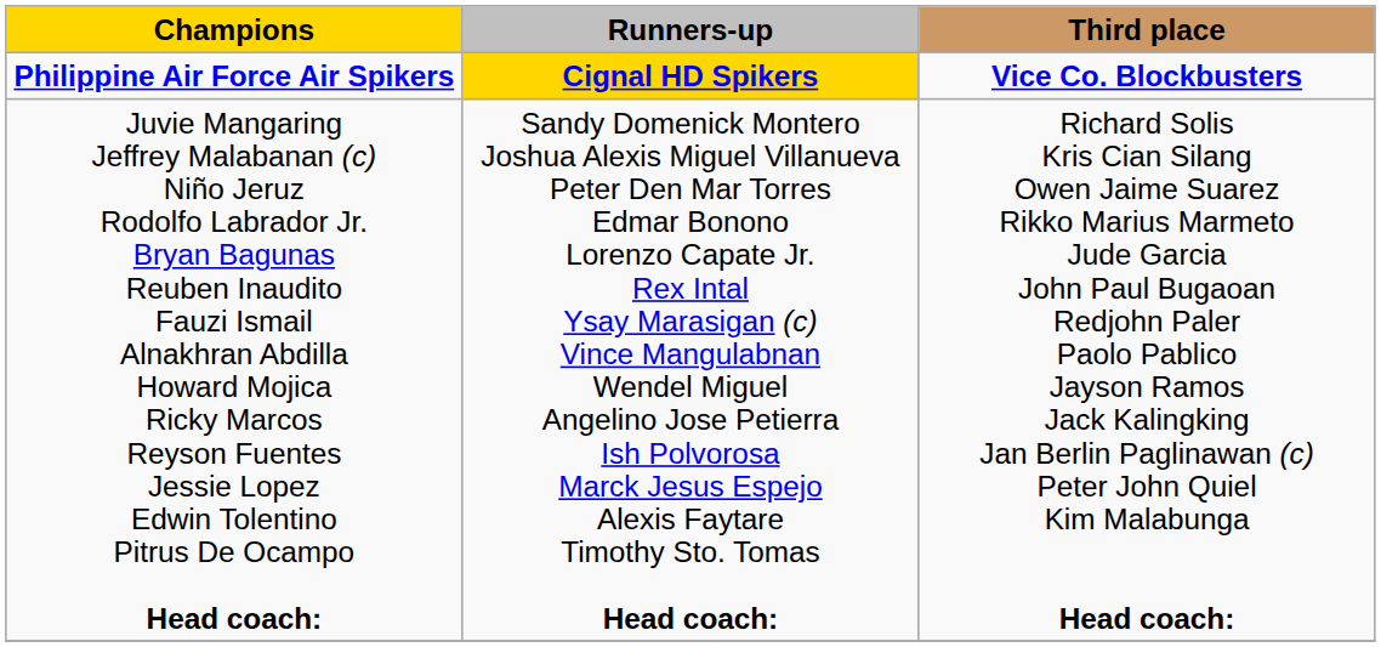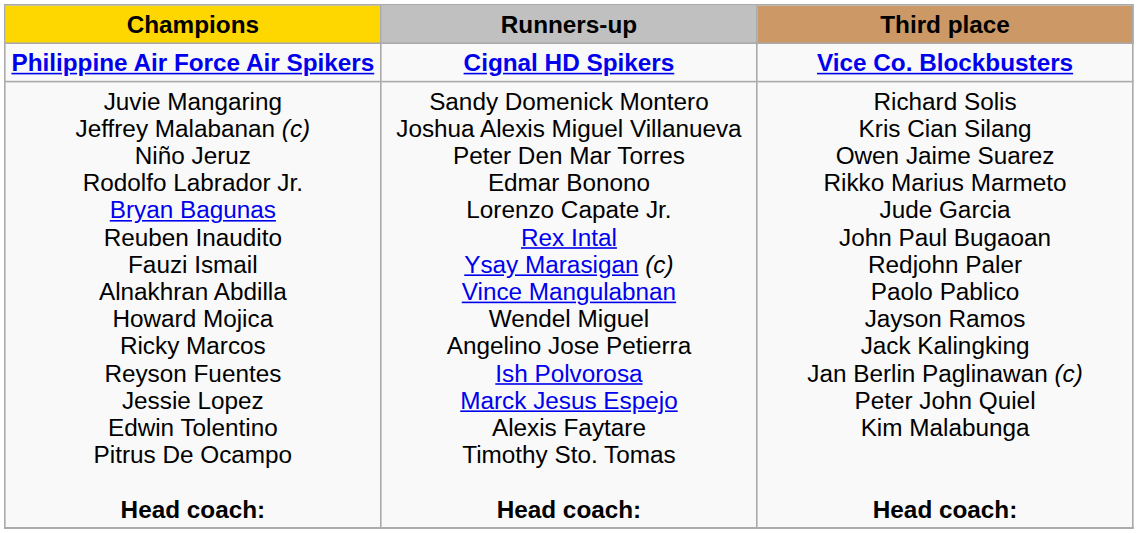 <table class="wikitable" style="text-align:center;font-size:95%;">
 <tr align=center>
 <td style="width:15em;background:gold"> <strong>Champions</strong></td>
 <td style="width:15em;background:silver"> <strong>Runners-up</strong></td>
 <td style="width:15em;background:#CC9966"> <strong>Third place</strong></td>
 </tr>
 <tr valign=top>
 <td><strong><a href='#'>Philippine Air Force Air Spikers</a></strong></td>
-<td style="background: gold;"><strong><a href='#'>Cignal HD Spikers</a></strong></td>
+<td><strong><a href='#'>Cignal HD Spikers</a></strong></td>
 <td><strong><a href='#'>Vice Co. Blockbusters</a></strong></td>
 </tr>
 <tr valign=top>
 <td>Juvie Mangaring <br> Jeffrey Malabanan <em>(c)</em><br>Niño Jeruz<br>Rodolfo Labrador Jr.<br><a href='#'>Bryan Bagunas</a><br>Reuben Inaudito<br>Fauzi Ismail<br>Alnakhran Abdilla<br>Howard Mojica<br>Ricky Marcos<br>Reyson Fuentes<br>Jessie Lopez<br>Edwin Tolentino<br>Pitrus De Ocampo<br><br><strong>Head coach:</strong> </td>
 <td>Sandy Domenick Montero<br>Joshua Alexis Miguel Villanueva<br>Peter Den Mar Torres<br>Edmar Bonono<br>Lorenzo Capate Jr.<br><a href='#'>Rex Intal</a><br><a href='#'>Ysay Marasigan</a> <em>(c)</em><br><a href='#'>Vince Mangulabnan</a><br>Wendel Miguel<br>Angelino Jose Petierra<br><a href='#'>Ish Polvorosa</a><br><a href='#'>Marck Jesus Espejo</a><br>Alexis Faytare<br>Timothy Sto. Tomas<br><br><strong>Head coach:</strong> </td>
 <td>Richard Solis<br>Kris Cian Silang<br>Owen Jaime Suarez<br>Rikko Marius Marmeto<br>Jude Garcia<br>John Paul Bugaoan<br>Redjohn Paler<br>Paolo Pablico<br>Jayson Ramos<br>Jack Kalingking<br>Jan Berlin Paglinawan <em>(c)</em><br>Peter John Quiel<br>Kim Malabunga<br><br><br><strong>Head coach:</strong> </td>
 </tr>
 <tr>
 </tr>
 </table>
